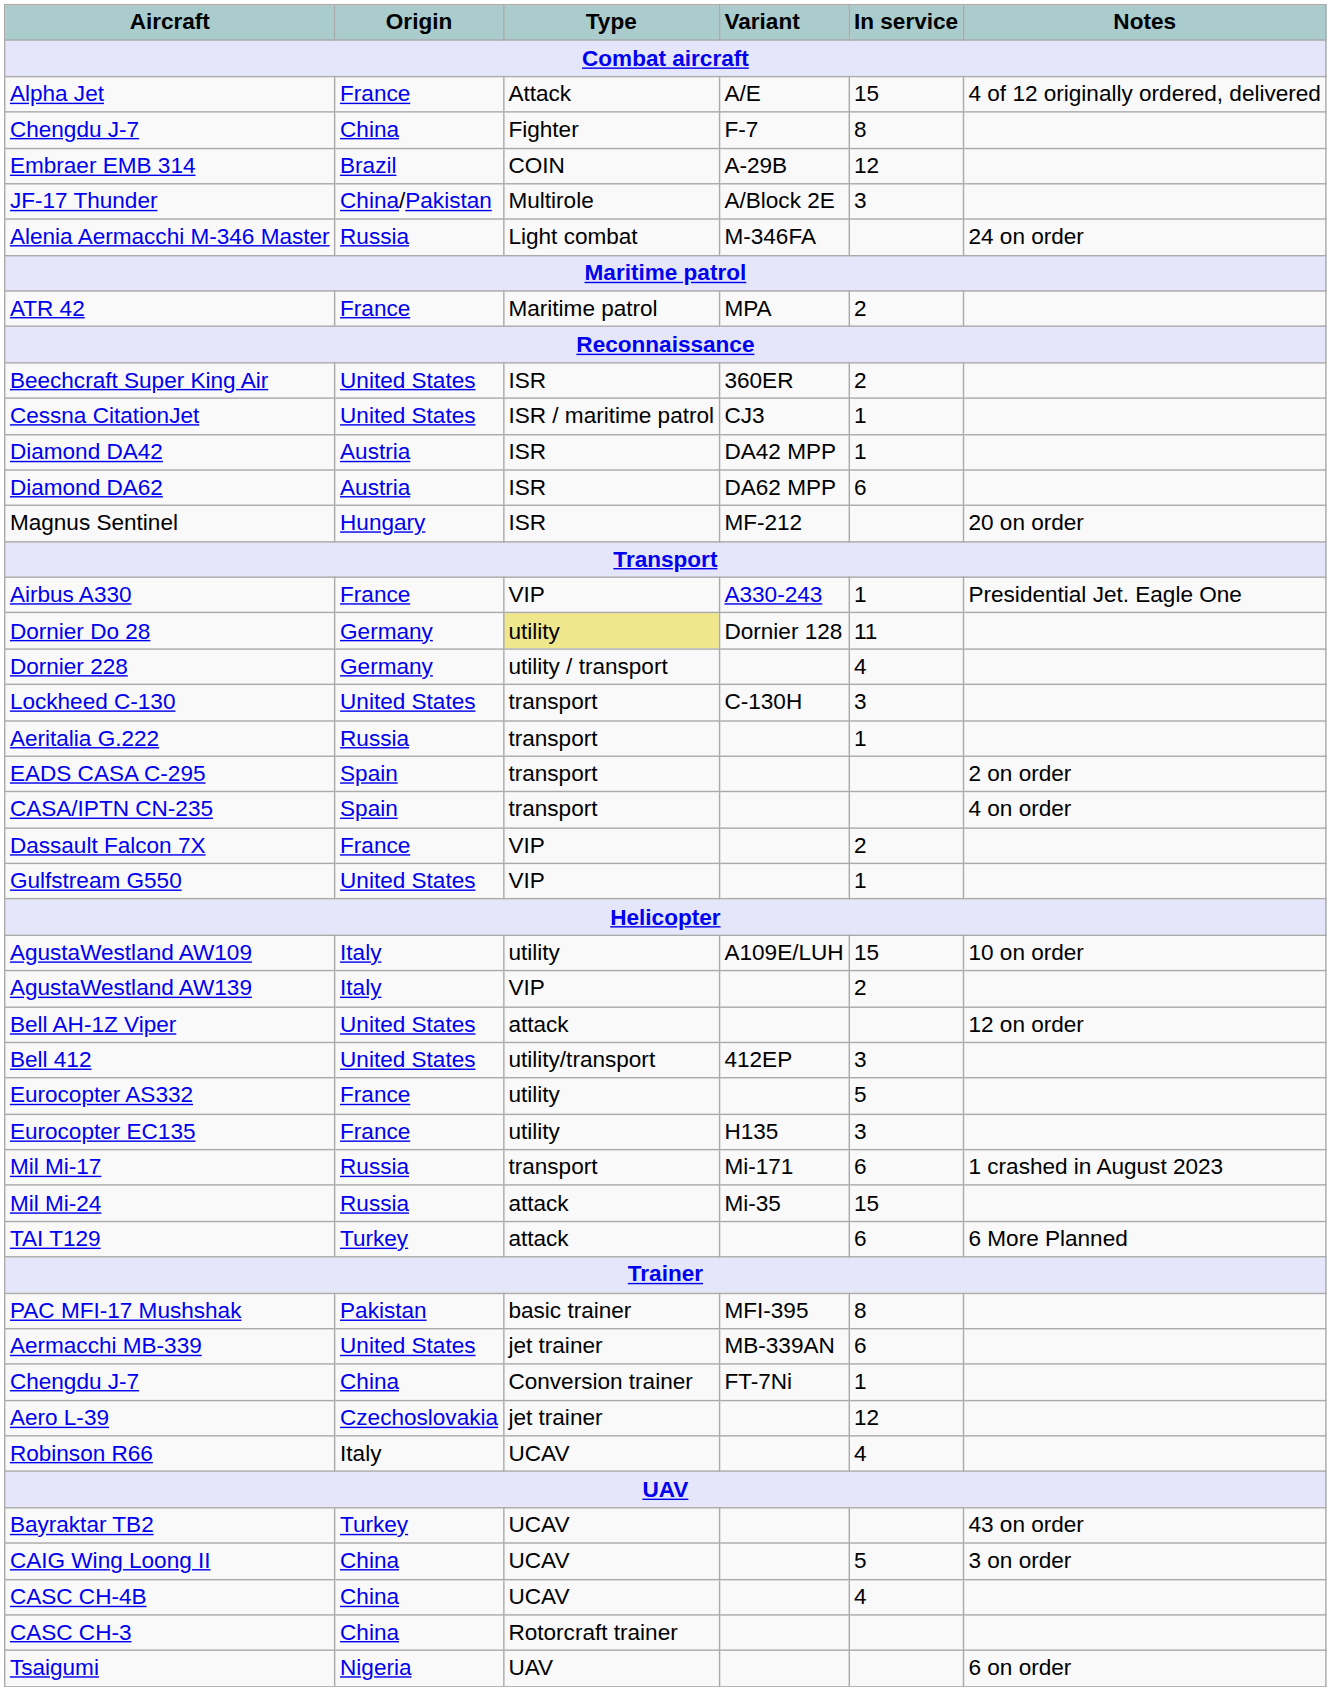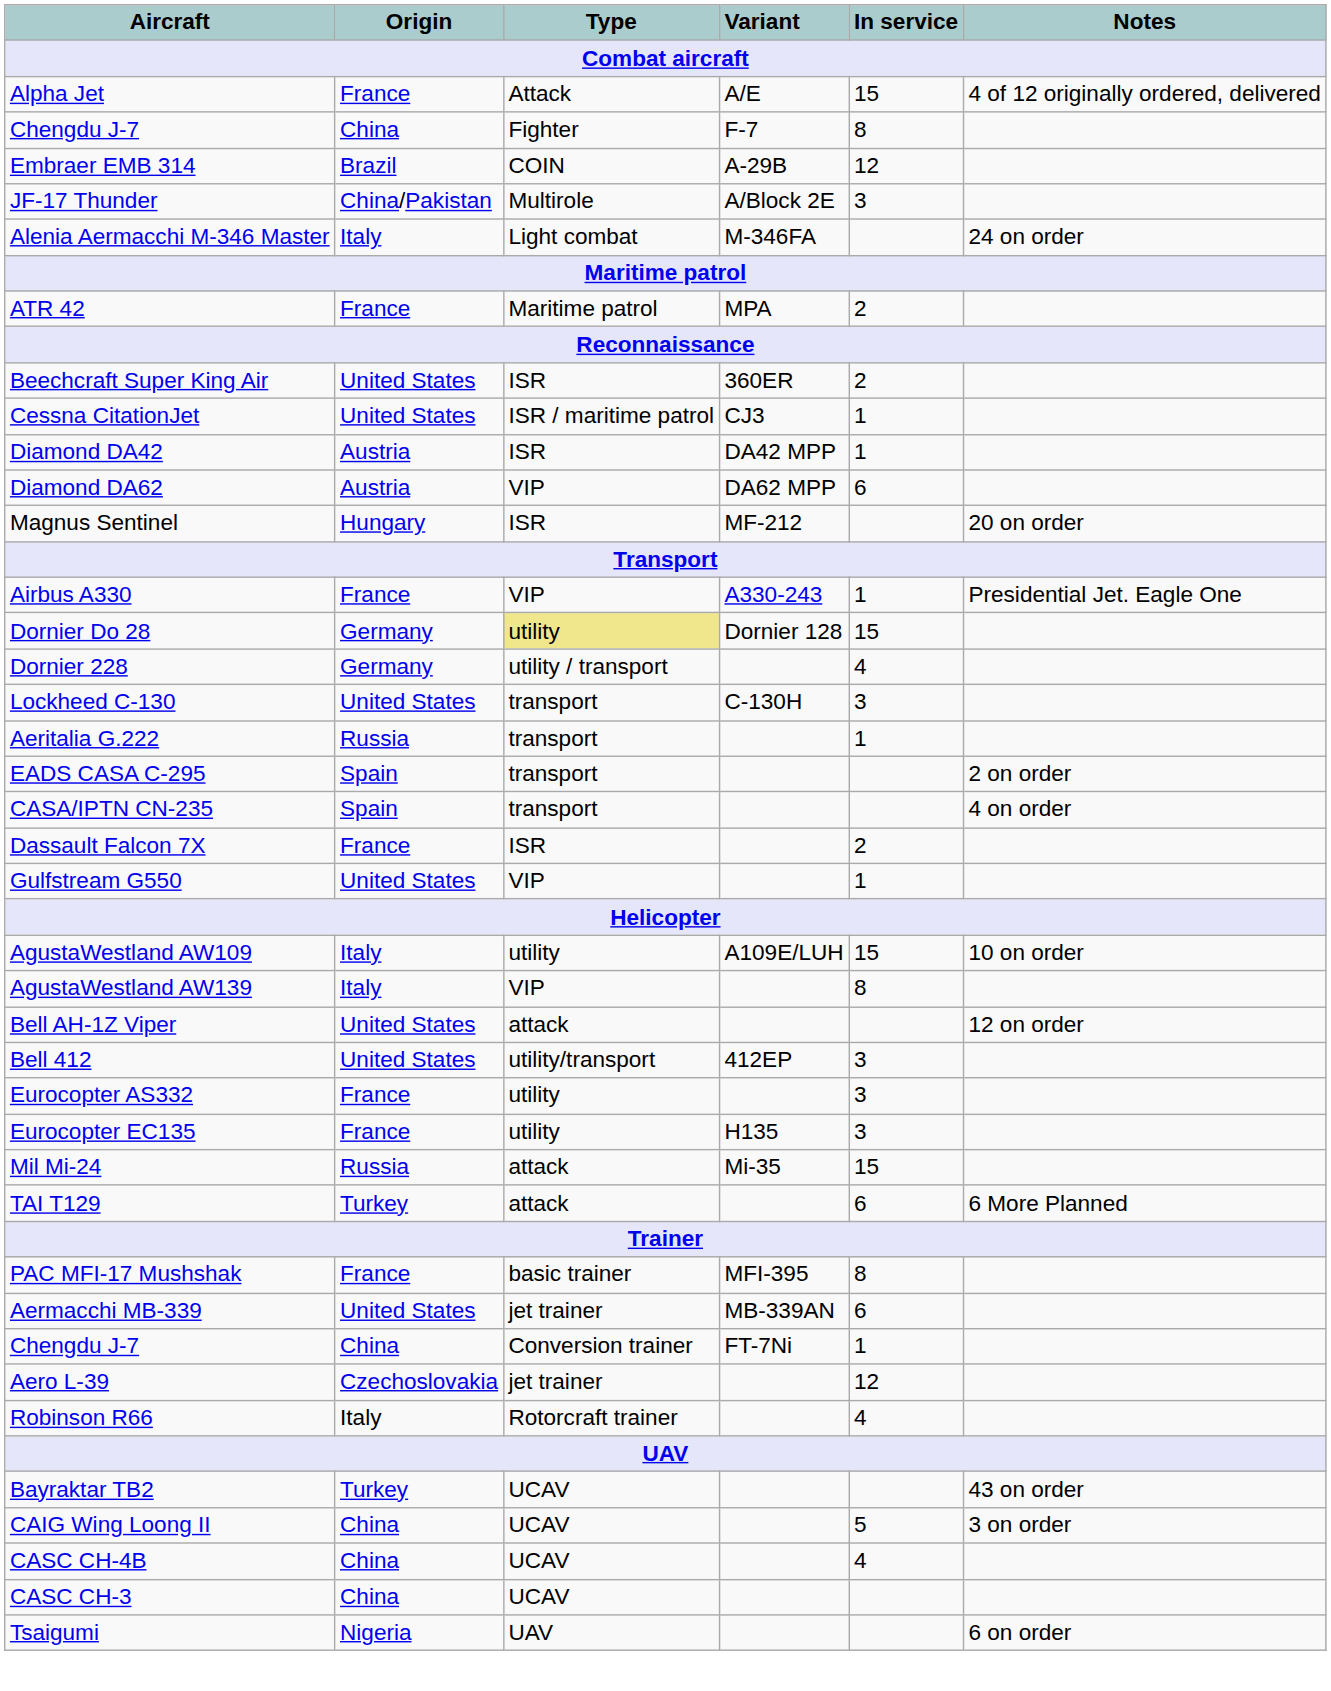 <table class="wikitable">
 <tr>
 <th style="text-align:center; background:#acc;">Aircraft</th>
 <th style="text-align: center; background:#acc;">Origin</th>
 <th style="text-align:l center; background:#acc;">Type</th>
 <th style="text-align:left; background:#acc;">Variant</th>
 <th style="text-align:center; background:#acc;">In service</th>
 <th style="text-align: center; background:#acc;">Notes</th>
 </tr>
 <tr>
 <th colspan="6" style="align: center; background: lavender;"><a href='#'>Combat aircraft</a></th>
 </tr>
 <tr>
 <td><a href='#'>Alpha Jet</a></td>
 <td><a href='#'>France</a></td>
 <td>Attack</td>
 <td>A/E</td>
 <td>15 </td>
 <td>4 of 12 originally ordered, delivered</td>
 </tr>
 <tr>
 <td><a href='#'>Chengdu J-7</a></td>
 <td><a href='#'>China</a></td>
 <td>Fighter</td>
 <td>F-7</td>
 <td>8</td>
 <td></td>
 </tr>
 <tr>
 <td><a href='#'>Embraer EMB 314</a></td>
 <td><a href='#'>Brazil</a></td>
 <td>COIN</td>
 <td>A-29B</td>
 <td>12</td>
 <td></td>
 </tr>
 <tr>
 <td><a href='#'>JF-17 Thunder</a></td>
 <td><a href='#'>China</a>/<a href='#'>Pakistan</a></td>
 <td>Multirole</td>
 <td>A/Block 2E</td>
 <td>3</td>
 <td></td>
 </tr>
 <tr>
 <td><a href='#'>Alenia Aermacchi M-346 Master</a></td>
-<td><a href='#'>Russia</a></td>
+<td><a href='#'>Italy</a></td>
 <td>Light combat</td>
 <td>M-346FA</td>
 <td></td>
 <td>24 on order</td>
 </tr>
 <tr>
 <th colspan="6" style="align: center; background: lavender;"><a href='#'>Maritime patrol</a></th>
 </tr>
 <tr>
 <td><a href='#'>ATR 42</a></td>
 <td><a href='#'>France</a></td>
 <td>Maritime patrol</td>
 <td>MPA</td>
 <td>2</td>
 <td></td>
 </tr>
 <tr>
 <th colspan="6" style="align: center; background: lavender;"><a href='#'>Reconnaissance</a></th>
 </tr>
 <tr>
 <td><a href='#'>Beechcraft Super King Air</a></td>
 <td><a href='#'>United States</a></td>
 <td>ISR</td>
 <td>360ER</td>
 <td>2</td>
 <td></td>
 </tr>
 <tr>
 <td><a href='#'>Cessna CitationJet</a></td>
 <td><a href='#'>United States</a></td>
 <td>ISR / maritime patrol</td>
 <td>CJ3</td>
 <td>1</td>
 <td></td>
 </tr>
 <tr>
 <td><a href='#'>Diamond DA42</a></td>
 <td><a href='#'>Austria</a></td>
 <td>ISR</td>
 <td>DA42 MPP</td>
 <td>1</td>
 <td></td>
 </tr>
 <tr>
 <td><a href='#'>Diamond DA62</a></td>
 <td><a href='#'>Austria</a></td>
-<td>ISR</td>
+<td>VIP</td>
 <td>DA62 MPP</td>
 <td>6</td>
 <td></td>
 </tr>
 <tr>
 <td>Magnus Sentinel</td>
 <td><a href='#'>Hungary</a></td>
 <td>ISR</td>
 <td>MF-212</td>
 <td></td>
 <td>20 on order</td>
 </tr>
 <tr>
 <th colspan="6" style="align: center; background: lavender;"><a href='#'>Transport</a></th>
 </tr>
 <tr>
 <td><a href='#'>Airbus A330</a></td>
 <td><a href='#'>France</a></td>
 <td>VIP</td>
 <td><a href='#'>A330-243</a></td>
 <td>1</td>
 <td>Presidential Jet. Eagle One</td>
 </tr>
 <tr>
 <td><a href='#'>Dornier Do 28</a></td>
 <td><a href='#'>Germany</a></td>
 <td style="background: khaki;">utility</td>
 <td>Dornier 128</td>
-<td>11</td>
+<td>15</td>
 <td></td>
 </tr>
 <tr>
 <td><a href='#'>Dornier 228</a></td>
 <td><a href='#'>Germany</a></td>
 <td>utility / transport</td>
 <td></td>
 <td>4</td>
 <td></td>
 </tr>
 <tr>
 <td><a href='#'>Lockheed C-130</a></td>
 <td><a href='#'>United States</a></td>
 <td>transport</td>
 <td>C-130H</td>
 <td>3</td>
 <td></td>
 </tr>
 <tr>
 <td><a href='#'>Aeritalia G.222</a></td>
 <td><a href='#'>Russia</a></td>
 <td>transport</td>
 <td></td>
 <td>1</td>
 <td></td>
 </tr>
 <tr>
 <td><a href='#'>EADS CASA C-295</a></td>
 <td><a href='#'>Spain</a></td>
 <td>transport</td>
 <td></td>
 <td></td>
 <td>2 on order</td>
 </tr>
 <tr>
 <td><a href='#'>CASA/IPTN CN-235</a></td>
 <td><a href='#'>Spain</a></td>
 <td>transport</td>
 <td></td>
 <td></td>
 <td>4 on order</td>
 </tr>
 <tr>
 <td><a href='#'>Dassault Falcon 7X</a></td>
 <td><a href='#'>France</a></td>
-<td>VIP</td>
+<td>ISR</td>
 <td></td>
 <td>2</td>
 <td></td>
 </tr>
 <tr>
 <td><a href='#'>Gulfstream G550</a></td>
 <td><a href='#'>United States</a></td>
 <td>VIP</td>
 <td></td>
 <td>1</td>
 <td></td>
 </tr>
 <tr>
 <th colspan="6" style="align: center; background: lavender;"><a href='#'>Helicopter</a></th>
 </tr>
 <tr>
 <td><a href='#'>AgustaWestland AW109</a></td>
 <td><a href='#'>Italy</a></td>
 <td>utility</td>
 <td>A109E/LUH</td>
 <td>15 </td>
 <td>10 on order</td>
 </tr>
 <tr>
 <td><a href='#'>AgustaWestland AW139</a></td>
 <td><a href='#'>Italy</a></td>
 <td>VIP</td>
 <td></td>
-<td>2</td>
+<td>8</td>
 <td></td>
 </tr>
 <tr>
 <td><a href='#'>Bell AH-1Z Viper</a></td>
 <td><a href='#'>United States</a></td>
 <td>attack</td>
 <td></td>
 <td></td>
 <td>12 on order</td>
 </tr>
 <tr>
 <td><a href='#'>Bell 412</a></td>
 <td><a href='#'>United States</a></td>
 <td>utility/transport</td>
 <td>412EP</td>
 <td>3</td>
 <td></td>
 </tr>
 <tr>
 <td><a href='#'>Eurocopter AS332</a></td>
 <td><a href='#'>France</a></td>
 <td>utility</td>
 <td></td>
-<td>5</td>
+<td>3</td>
 <td></td>
 </tr>
 <tr>
 <td><a href='#'>Eurocopter EC135</a></td>
 <td><a href='#'>France</a></td>
 <td>utility</td>
 <td>H135</td>
 <td>3</td>
 <td></td>
-</tr>
-<tr>
-<td><a href='#'>Mil Mi-17</a></td>
-<td><a href='#'>Russia</a></td>
-<td>transport</td>
-<td>Mi-171</td>
-<td>6</td>
-<td>1 crashed in August 2023</td>
 </tr>
 <tr>
 <td><a href='#'>Mil Mi-24</a></td>
 <td><a href='#'>Russia</a></td>
 <td>attack</td>
 <td>Mi-35</td>
 <td>15</td>
 <td></td>
 </tr>
 <tr>
 <td><a href='#'>TAI T129</a></td>
 <td><a href='#'>Turkey</a></td>
 <td>attack</td>
 <td></td>
 <td>6</td>
 <td>6 More Planned</td>
 </tr>
 <tr>
 <th colspan="6" style="align: center; background: lavender;"><a href='#'>Trainer</a></th>
 </tr>
 <tr>
 <td><a href='#'>PAC MFI-17 Mushshak</a></td>
-<td><a href='#'>Pakistan</a></td>
+<td><a href='#'>France</a></td>
 <td>basic trainer</td>
 <td>MFI-395</td>
 <td>8</td>
 <td></td>
 </tr>
 <tr>
 <td><a href='#'>Aermacchi MB-339</a></td>
 <td><a href='#'>United States</a></td>
 <td>jet trainer</td>
 <td>MB-339AN</td>
 <td>6</td>
 <td></td>
 </tr>
 <tr>
 <td><a href='#'>Chengdu J-7</a></td>
 <td><a href='#'>China</a></td>
 <td>Conversion trainer</td>
 <td>FT-7Ni</td>
 <td>1</td>
 <td></td>
 </tr>
 <tr>
 <td><a href='#'>Aero L-39</a></td>
 <td><a href='#'>Czechoslovakia</a></td>
 <td>jet trainer</td>
 <td></td>
 <td>12</td>
 <td></td>
 </tr>
 <tr>
 <td><a href='#'>Robinson R66</a></td>
 <td>Italy</td>
-<td>UCAV</td>
+<td>Rotorcraft trainer</td>
 <td></td>
 <td>4 </td>
 <td></td>
 </tr>
 <tr>
 <th colspan="6" style="align: center; background: lavender;"><a href='#'>UAV</a></th>
 </tr>
 <tr>
 <td><a href='#'>Bayraktar TB2</a></td>
 <td><a href='#'>Turkey</a></td>
 <td>UCAV</td>
 <td></td>
 <td></td>
 <td>43 on order</td>
 </tr>
 <tr>
 <td><a href='#'>CAIG Wing Loong II</a></td>
 <td><a href='#'>China</a></td>
 <td>UCAV</td>
 <td></td>
 <td>5</td>
 <td>3 on order</td>
 </tr>
 <tr>
 <td><a href='#'>CASC CH-4B</a></td>
 <td><a href='#'>China</a></td>
 <td>UCAV</td>
 <td></td>
 <td>4 </td>
 <td></td>
 </tr>
 <tr>
 <td><a href='#'>CASC CH-3</a></td>
 <td><a href='#'>China</a></td>
-<td>Rotorcraft trainer</td>
+<td>UCAV</td>
 <td></td>
 <td></td>
 <td></td>
 </tr>
 <tr>
 <td><a href='#'>Tsaigumi</a></td>
 <td><a href='#'>Nigeria</a></td>
 <td>UAV</td>
 <td></td>
 <td></td>
 <td>6 on order</td>
 </tr>
 </table>
